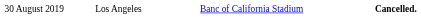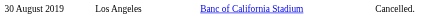 <table cellpadding="2" style="border: 0px solid darkgray; font-size:90%">
 <tr>
 <th width="150"></th>
 <th width="175"></th>
 <th width="300"></th>
 <th width="350"></th>
 </tr>
 <tr border="0">
 <td>30 August 2019</td>
 <td>Los Angeles</td>
 <td><a href='#'>Banc of California Stadium</a></td>
-<td><strong>Cancelled.</strong></td>
+<td>Cancelled.</td>
 </tr>
 <tr>
 </tr>
 </table>
